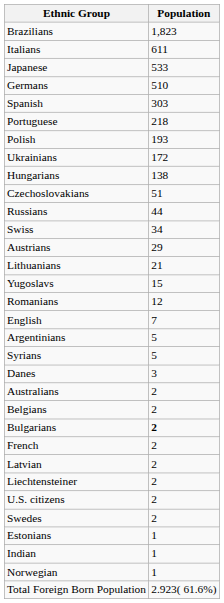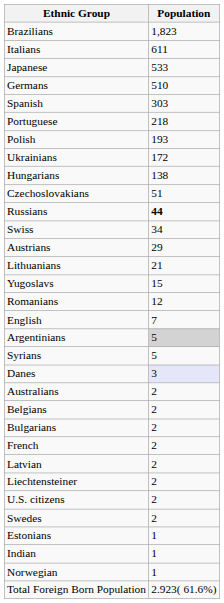 <table class="wikitable sortable">
 <tr>
 <th>Ethnic Group</th>
 <th>Population</th>
 </tr>
 <tr>
 <td> Brazilians</td>
 <td>1,823</td>
 </tr>
 <tr>
 <td> Italians</td>
 <td>611</td>
 </tr>
 <tr>
 <td> Japanese</td>
 <td>533</td>
 </tr>
 <tr>
 <td> Germans</td>
 <td>510</td>
 </tr>
 <tr>
 <td> Spanish</td>
 <td>303</td>
 </tr>
 <tr>
 <td> Portuguese</td>
 <td>218</td>
 </tr>
 <tr>
 <td> Polish</td>
 <td>193</td>
 </tr>
 <tr>
 <td> Ukrainians</td>
 <td>172</td>
 </tr>
 <tr>
 <td> Hungarians</td>
 <td>138</td>
 </tr>
 <tr>
 <td> Czechoslovakians</td>
 <td>51</td>
 </tr>
 <tr>
 <td> Russians</td>
-<td>44</td>
+<td><strong>44</strong></td>
 </tr>
 <tr>
 <td> Swiss</td>
 <td>34</td>
 </tr>
 <tr>
 <td> Austrians</td>
 <td>29</td>
 </tr>
 <tr>
 <td> Lithuanians</td>
 <td>21</td>
 </tr>
 <tr>
 <td> Yugoslavs</td>
 <td>15</td>
 </tr>
 <tr>
 <td> Romanians</td>
 <td>12</td>
 </tr>
 <tr>
 <td> English</td>
 <td>7</td>
 </tr>
 <tr>
 <td> Argentinians</td>
-<td>5</td>
+<td style="background: lightgrey;">5</td>
 </tr>
 <tr>
 <td> Syrians</td>
 <td>5</td>
 </tr>
 <tr>
 <td> Danes</td>
-<td>3</td>
+<td style="background: lavender;">3</td>
 </tr>
 <tr>
 <td> Australians</td>
 <td>2</td>
 </tr>
 <tr>
 <td> Belgians</td>
 <td>2</td>
 </tr>
 <tr>
 <td> Bulgarians</td>
-<td><strong>2</strong></td>
+<td>2</td>
 </tr>
 <tr>
 <td> French</td>
 <td>2</td>
 </tr>
 <tr>
 <td> Latvian</td>
 <td>2</td>
 </tr>
 <tr>
 <td> Liechtensteiner</td>
 <td>2</td>
 </tr>
 <tr>
 <td> U.S. citizens</td>
 <td>2</td>
 </tr>
 <tr>
 <td> Swedes</td>
 <td>2</td>
 </tr>
 <tr>
 <td> Estonians</td>
 <td>1</td>
 </tr>
 <tr>
 <td>Indian</td>
 <td>1</td>
 </tr>
 <tr>
 <td> Norwegian</td>
 <td>1</td>
 </tr>
 <tr>
 <td>Total Foreign Born Population</td>
 <td>2.923( 61.6%)</td>
 </tr>
 </table>
